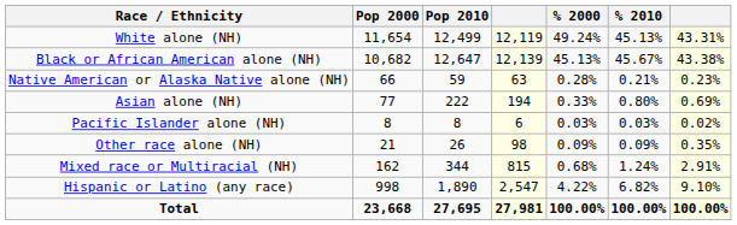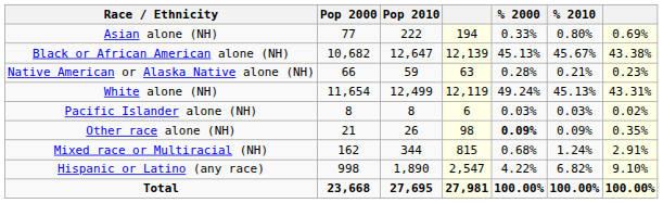 <table class="wikitable"  style="text-align:center;">
 <tr>
 <th>Race / Ethnicity</th>
 <th>Pop 2000</th>
 <th>Pop 2010</th>
 <th></th>
 <th>% 2000</th>
 <th>% 2010</th>
 <th></th>
 </tr>
 <tr>
-<td><a href='#'>White</a> alone (NH)</td>
-<td>11,654</td>
-<td>12,499</td>
-<td style='background: #ffffe6;'>12,119</td>
-<td>49.24%</td>
-<td>45.13%</td>
-<td style='background: #ffffe6;'>43.31%</td>
+<td><a href='#'>Asian</a> alone (NH)</td>
+<td>77</td>
+<td>222</td>
+<td style='background: #ffffe6;'>194</td>
+<td>0.33%</td>
+<td>0.80%</td>
+<td style='background: #ffffe6;'>0.69%</td>
 </tr>
 <tr>
 <td><a href='#'>Black or African American</a> alone (NH)</td>
 <td>10,682</td>
 <td>12,647</td>
 <td style='background: #ffffe6;'>12,139</td>
 <td>45.13%</td>
 <td>45.67%</td>
 <td style='background: #ffffe6;'>43.38%</td>
 </tr>
 <tr>
 <td><a href='#'>Native American</a> or <a href='#'>Alaska Native</a> alone (NH)</td>
 <td>66</td>
 <td>59</td>
 <td style='background: #ffffe6;'>63</td>
 <td>0.28%</td>
 <td>0.21%</td>
 <td style='background: #ffffe6;'>0.23%</td>
 </tr>
 <tr>
-<td><a href='#'>Asian</a> alone (NH)</td>
-<td>77</td>
-<td>222</td>
-<td style='background: #ffffe6;'>194</td>
-<td>0.33%</td>
-<td>0.80%</td>
-<td style='background: #ffffe6;'>0.69%</td>
+<td><a href='#'>White</a> alone (NH)</td>
+<td>11,654</td>
+<td>12,499</td>
+<td style='background: #ffffe6;'>12,119</td>
+<td>49.24%</td>
+<td>45.13%</td>
+<td style='background: #ffffe6;'>43.31%</td>
 </tr>
 <tr>
 <td><a href='#'>Pacific Islander</a> alone (NH)</td>
 <td>8</td>
 <td>8</td>
 <td style='background: #ffffe6;'>6</td>
 <td>0.03%</td>
 <td>0.03%</td>
 <td style='background: #ffffe6;'>0.02%</td>
 </tr>
 <tr>
 <td><a href='#'>Other race</a> alone (NH)</td>
 <td>21</td>
 <td>26</td>
 <td style='background: #ffffe6;'>98</td>
-<td>0.09%</td>
+<td><strong>0.09%</strong></td>
 <td>0.09%</td>
 <td style='background: #ffffe6;'>0.35%</td>
 </tr>
 <tr>
 <td><a href='#'>Mixed race or Multiracial</a> (NH)</td>
 <td>162</td>
 <td>344</td>
 <td style='background: #ffffe6;'>815</td>
 <td>0.68%</td>
 <td>1.24%</td>
 <td style='background: #ffffe6;'>2.91%</td>
 </tr>
 <tr>
 <td><a href='#'>Hispanic or Latino</a> (any race)</td>
 <td>998</td>
 <td>1,890</td>
 <td style='background: #ffffe6;'>2,547</td>
 <td>4.22%</td>
 <td>6.82%</td>
 <td style='background: #ffffe6;'>9.10%</td>
 </tr>
 <tr>
 <td><strong>Total</strong></td>
 <td><strong>23,668</strong></td>
 <td><strong>27,695</strong></td>
 <td style='background: #ffffe6;'><strong>27,981</strong></td>
 <td><strong>100.00%</strong></td>
 <td><strong>100.00%</strong></td>
 <td style='background: #ffffe6;'><strong>100.00%</strong></td>
 </tr>
 </table>
